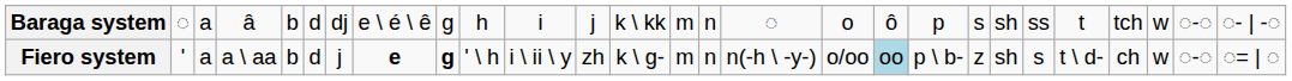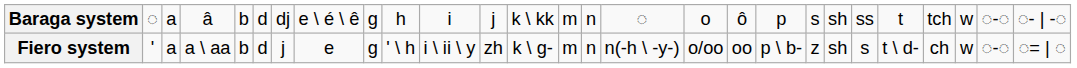 <table class="wikitable">
 <tr>
 <th>Baraga system</th>
 <td align="center">◌</td>
 <td align="center">a</td>
 <td align="center">â</td>
 <td align="center">b</td>
 <td align="center">d</td>
 <td align="center">dj</td>
 <td align="center">e \ é \ ê</td>
 <td align="center">g</td>
 <td align="center">h</td>
 <td align="center">i</td>
 <td align="center">j</td>
 <td align="center">k \ kk</td>
 <td align="center">m</td>
 <td align="center">n</td>
 <td align="center">◌</td>
 <td align="center">o</td>
 <td align="center">ô</td>
 <td align="center">p</td>
 <td align="center">s</td>
 <td align="center">sh</td>
 <td align="center">ss</td>
 <td align="center">t</td>
 <td align="center">tch</td>
 <td align="center">w</td>
 <td align="center">◌-◌</td>
 <td align="center">◌- | -◌</td>
 </tr>
 <tr>
 <th>Fiero system</th>
 <td align="center">'</td>
 <td align="center">a</td>
 <td align="center">a \ aa</td>
 <td align="center">b</td>
 <td align="center">d</td>
 <td align="center">j</td>
-<td align="center"><strong>e</strong></td>
-<td align="center"><strong>g</strong></td>
+<td align="center">e</td>
+<td align="center">g</td>
 <td align="center">' \ h</td>
 <td align="center">i \ ii \ y</td>
 <td align="center">zh</td>
 <td align="center">k \ g-</td>
 <td align="center">m</td>
 <td align="center">n</td>
 <td align="center">n(-h \ -y-)</td>
 <td align="center">o/oo</td>
-<td align="center" style="background: lightblue;">oo</td>
+<td align="center">oo</td>
 <td align="center">p \ b-</td>
 <td align="center">z</td>
 <td align="center">sh</td>
 <td align="center">s</td>
 <td align="center">t \ d-</td>
 <td align="center">ch</td>
 <td align="center">w</td>
 <td align="center">◌-◌</td>
 <td align="center">◌= | ◌</td>
 </tr>
 </table>
